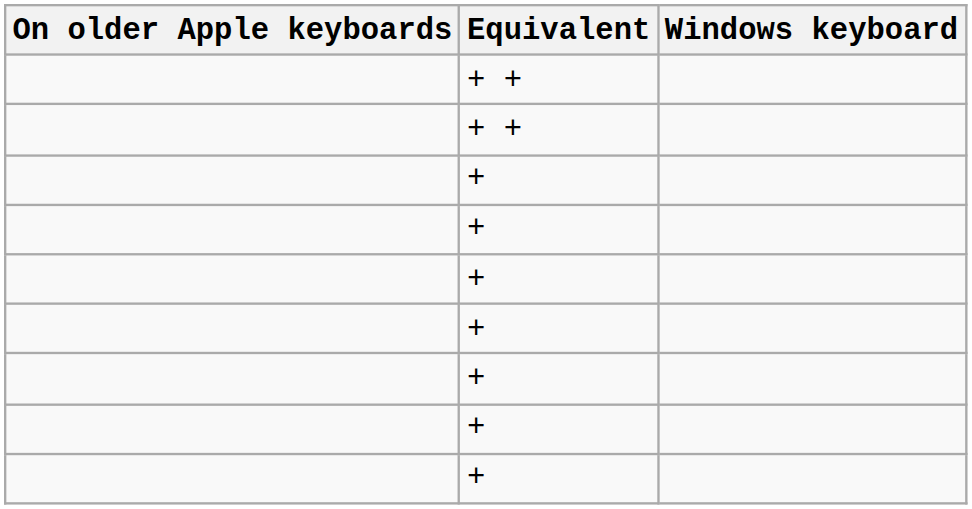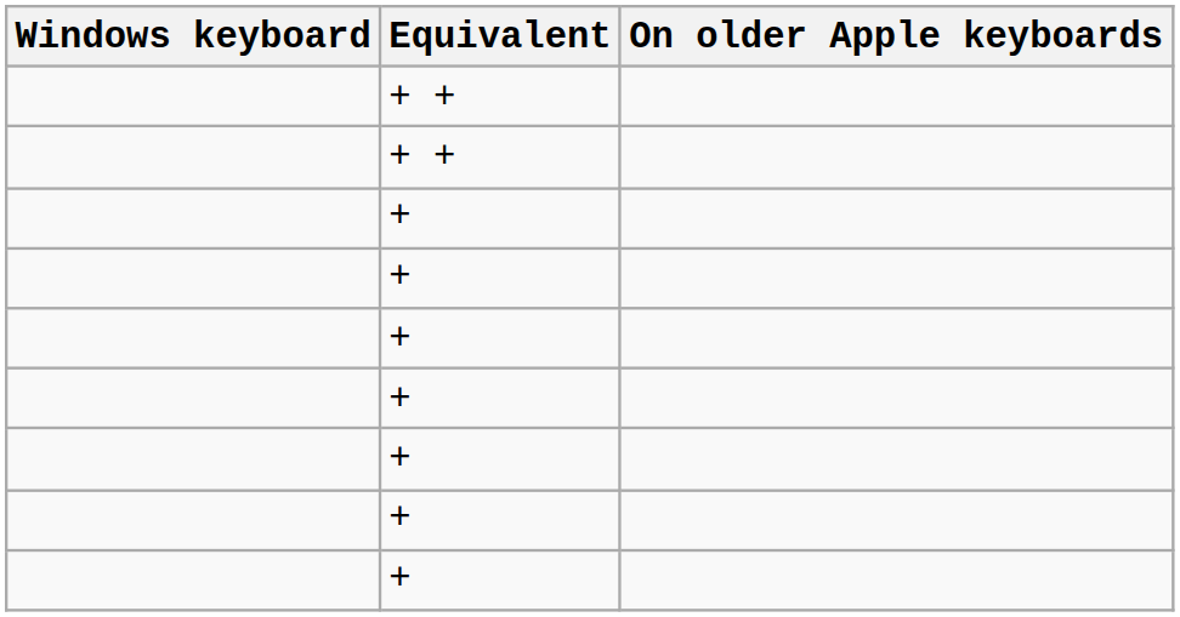 <table class="wikitable">
 <tr>
+<th>Windows keyboard</th>
+<th>Equivalent</th>
 <th>On older Apple keyboards</th>
-<th>Equivalent</th>
-<th>Windows keyboard</th>
 </tr>
 <tr>
 <td></td>
 <td> +  + </td>
 <td></td>
 </tr>
 <tr>
 <td></td>
 <td> +  + </td>
 <td></td>
 </tr>
 <tr>
 <td></td>
 <td> + </td>
 <td></td>
 </tr>
 <tr>
 <td></td>
 <td> + </td>
 <td></td>
 </tr>
 <tr>
 <td></td>
 <td> + </td>
 <td></td>
 </tr>
 <tr>
 <td></td>
 <td> + </td>
 <td></td>
 </tr>
 <tr>
 <td></td>
 <td> + </td>
 <td></td>
 </tr>
 <tr>
 <td></td>
 <td> + </td>
 <td></td>
 </tr>
 <tr>
 <td></td>
 <td> + </td>
 <td></td>
 </tr>
 </table>
